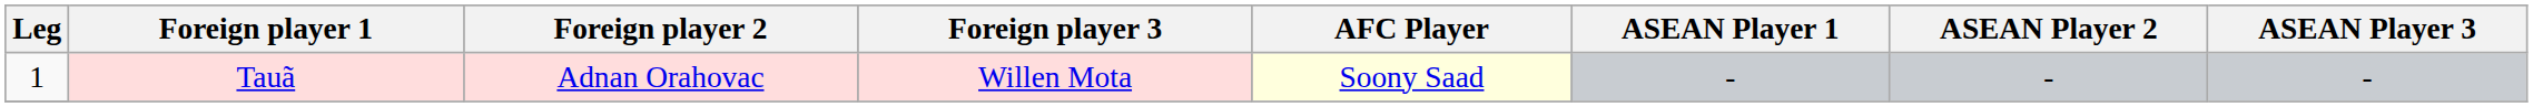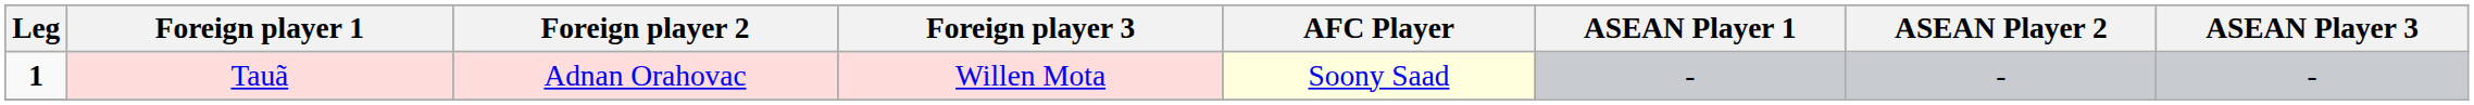 <table class="wikitable" style="text-align:left">
 <tr>
 <th>Leg</th>
 <th width=200px>Foreign player 1</th>
 <th width=200px>Foreign player 2</th>
 <th width=200px>Foreign player 3</th>
 <th width=160px>AFC Player</th>
 <th width=160px>ASEAN Player 1</th>
 <th width=160px>ASEAN Player 2</th>
 <th width=160px>ASEAN Player 3</th>
 </tr>
 <tr>
-<td align="center">1</td>
+<td align="center"><strong>1</strong></td>
 <td bgcolor="#ffdddd" rowspan="2" style="text-align:center;"> <a href='#'>Tauã</a></td>
 <td bgcolor="#ffdddd" rowspan="2" style="text-align:center;"> <a href='#'>Adnan Orahovac</a></td>
 <td bgcolor="#ffdddd" rowspan="2" style="text-align:center;"> <a href='#'>Willen Mota</a></td>
 <td bgcolor="#ffffdd" rowspan="2" style="text-align:center;"> <a href='#'>Soony Saad</a></td>
 <td bgcolor="#c8ccd1" rowspan="2" style="text-align:center;">-</td>
 <td bgcolor="#c8ccd1" rowspan="2" style="text-align:center;">-</td>
 <td bgcolor="#c8ccd1" rowspan="2" style="text-align:center;">-</td>
 </tr>
 <tr>
 </tr>
 </table>
